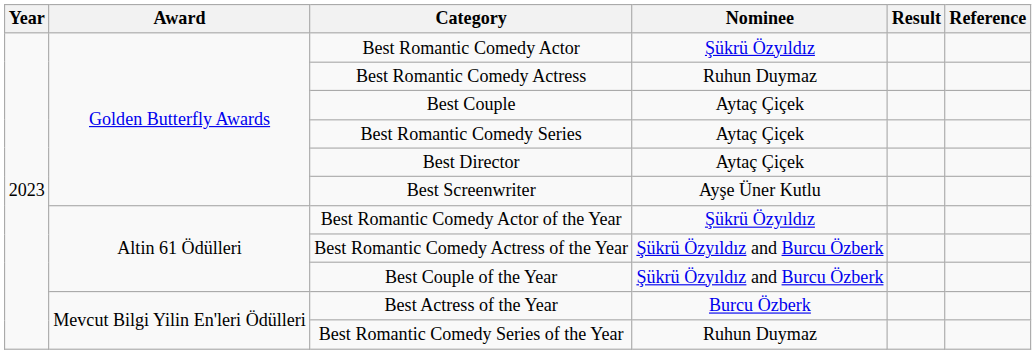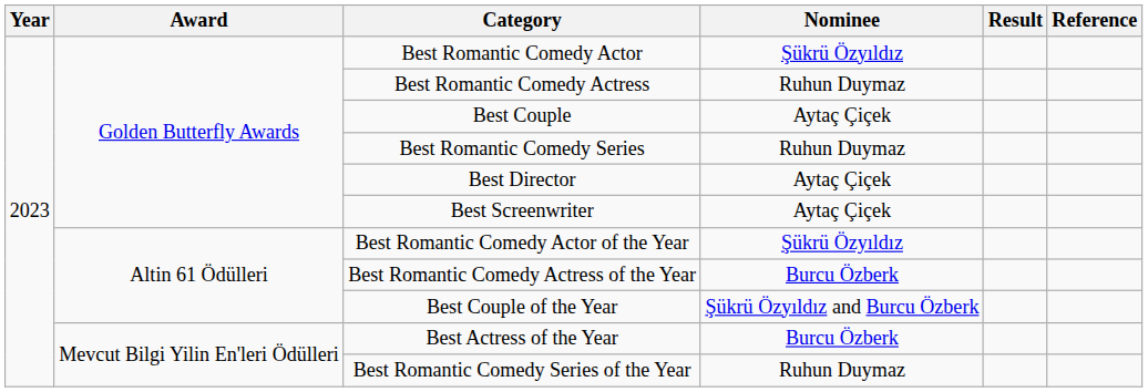 <table class="wikitable" style="text-align:center;">
 <tr>
 <th>Year</th>
 <th>Award</th>
 <th>Category</th>
 <th>Nominee</th>
 <th>Result</th>
 <th>Reference</th>
 </tr>
 <tr>
 <td rowspan=11>2023</td>
 <td rowspan=6><a href='#'>Golden Butterfly Awards</a></td>
 <td>Best Romantic Comedy Actor</td>
 <td><a href='#'>Şükrü Özyıldız</a></td>
 <td></td>
 <td></td>
 </tr>
 <tr>
 <td>Best Romantic Comedy Actress</td>
 <td>Ruhun Duymaz</td>
 <td></td>
 <td></td>
 </tr>
 <tr>
 <td>Best Couple</td>
 <td>Aytaç Çiçek</td>
 <td></td>
 <td></td>
 </tr>
 <tr>
 <td>Best Romantic Comedy Series</td>
-<td>Aytaç Çiçek</td>
+<td>Ruhun Duymaz</td>
 <td></td>
 <td></td>
 </tr>
 <tr>
 <td>Best Director</td>
 <td>Aytaç Çiçek</td>
 <td></td>
 <td></td>
 </tr>
 <tr>
 <td>Best Screenwriter</td>
-<td>Ayşe Üner Kutlu</td>
+<td>Aytaç Çiçek</td>
 <td></td>
 <td></td>
 </tr>
 <tr>
 <td rowspan=3>Altin 61 Ödülleri</td>
 <td>Best Romantic Comedy Actor of the Year</td>
 <td><a href='#'>Şükrü Özyıldız</a></td>
 <td></td>
 <td></td>
 </tr>
 <tr>
 <td>Best Romantic Comedy Actress of the Year</td>
-<td><a href='#'>Şükrü Özyıldız</a> and <a href='#'>Burcu Özberk</a></td>
+<td><a href='#'>Burcu Özberk</a></td>
 <td></td>
 <td></td>
 </tr>
 <tr>
 <td>Best Couple of the Year</td>
 <td><a href='#'>Şükrü Özyıldız</a> and <a href='#'>Burcu Özberk</a></td>
 <td></td>
 <td></td>
 </tr>
 <tr>
 <td rowspan=2>Mevcut Bilgi Yilin En'leri Ödülleri</td>
 <td>Best Actress of the Year</td>
 <td><a href='#'>Burcu Özberk</a></td>
 <td></td>
 <td></td>
 </tr>
 <tr>
 <td>Best Romantic Comedy Series of the Year</td>
 <td>Ruhun Duymaz</td>
 <td></td>
 <td></td>
 </tr>
 </table>
